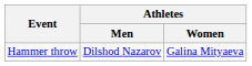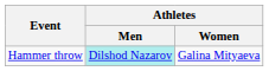 <table class=wikitable style="font-size:90%">
 <tr>
 <th rowspan=2>Event</th>
 <th colspan=2>Athletes</th>
 </tr>
 <tr>
 <th>Men</th>
 <th>Women</th>
 </tr>
 <tr>
 <td><a href='#'>Hammer throw</a></td>
-<td><a href='#'>Dilshod Nazarov</a></td>
+<td style="background: paleturquoise;"><a href='#'>Dilshod Nazarov</a></td>
 <td><a href='#'>Galina Mityaeva</a></td>
 </tr>
 </table>
